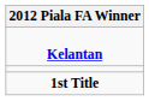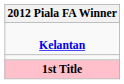 <table class="wikitable" style="text-align: center; margin: 0 auto;">
 <tr>
 <th>2012 Piala FA Winner</th>
 </tr>
 <tr>
 <td><br><a href='#'><strong>Kelantan</strong></a></td>
 </tr>
 <tr>
 <td></td>
 </tr>
 <tr>
-<td><strong>1st Title</strong></td>
+<td style="background: pink;"><strong>1st Title</strong></td>
 </tr>
 </table>
